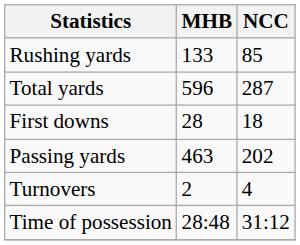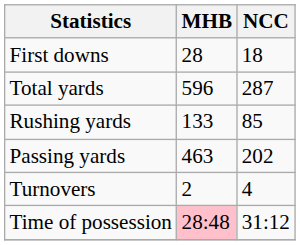 <table class="wikitable" style="float: left;">
 <tr>
 <th>Statistics</th>
 <th>MHB</th>
 <th>NCC</th>
 </tr>
 <tr>
-<td>Rushing yards</td>
-<td>133</td>
-<td>85</td>
+<td>First downs</td>
+<td>28</td>
+<td>18</td>
 </tr>
 <tr>
 <td>Total yards</td>
 <td>596</td>
 <td>287</td>
 </tr>
 <tr>
-<td>First downs</td>
-<td>28</td>
-<td>18</td>
+<td>Rushing yards</td>
+<td>133</td>
+<td>85</td>
 </tr>
 <tr>
 <td>Passing yards</td>
 <td>463</td>
 <td>202</td>
 </tr>
 <tr>
 <td>Turnovers</td>
 <td>2</td>
 <td>4</td>
 </tr>
 <tr>
 <td>Time of possession</td>
-<td>28:48</td>
+<td style="background: pink;">28:48</td>
 <td>31:12</td>
 </tr>
 <tr>
 </tr>
 </table>
